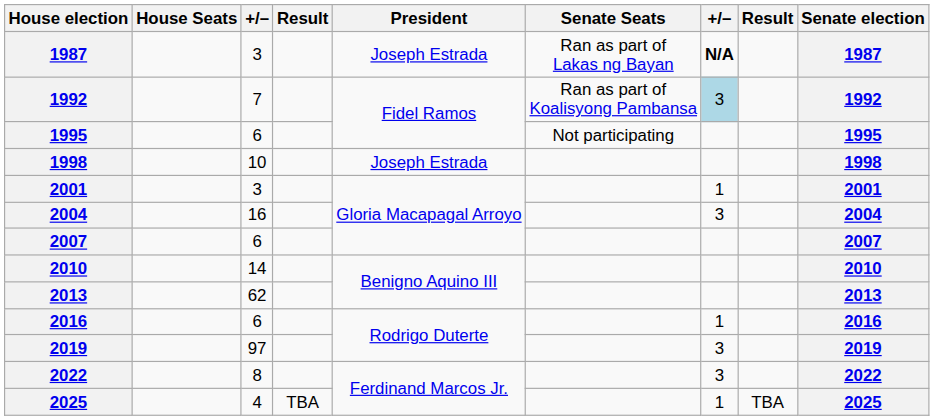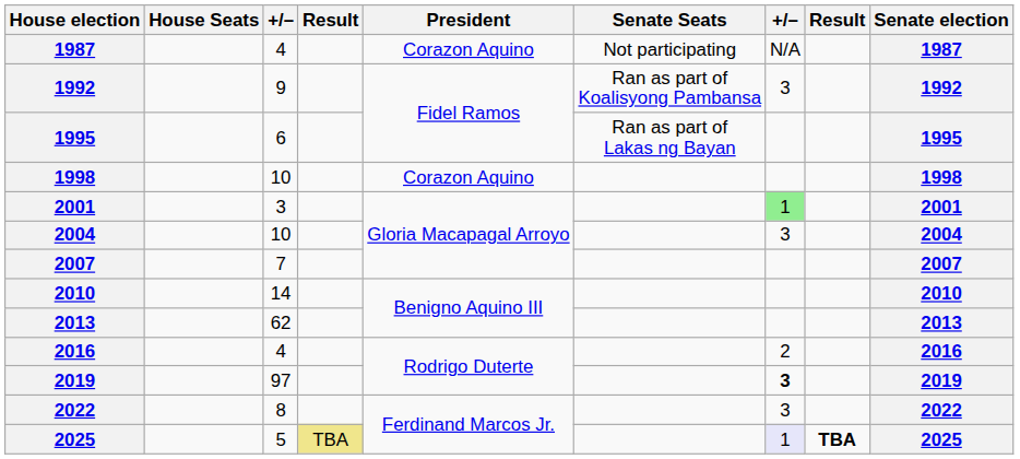 <table class="wikitable  sortable" style="text-align:center; font-size:90%">
 <tr>
 <th>House election</th>
 <th>House Seats</th>
 <th>+/–</th>
 <th>Result</th>
 <th>President</th>
 <th>Senate Seats</th>
 <th>+/–</th>
 <th>Result</th>
 <th>Senate election</th>
 </tr>
 <tr>
 <th><a href='#'>1987</a></th>
 <td></td>
-<td> 3</td>
+<td> 4</td>
 <td></td>
-<td style="background:"><a href='#'><span>Joseph Estrada</span></a></td>
-<td>Ran as part of<br><a href='#'>Lakas ng Bayan</a></td>
-<td><strong>N/A</strong></td>
+<td style="background:"><a href='#'>Corazon Aquino</a></td>
+<td>Not participating</td>
+<td>N/A</td>
 <td></td>
 <th><a href='#'>1987</a></th>
 </tr>
 <tr>
 <th><a href='#'>1992</a></th>
 <td></td>
-<td> 7</td>
+<td> 9</td>
 <td></td>
 <td rowspan="2" style="background:"><a href='#'>Fidel Ramos</a></td>
 <td>Ran as part of<br><a href='#'>Koalisyong Pambansa</a></td>
-<td style="background: lightblue;"> 3</td>
+<td> 3</td>
 <td></td>
 <th><a href='#'>1992</a></th>
 </tr>
 <tr>
 <th><a href='#'>1995</a></th>
 <td></td>
 <td> 6</td>
 <td></td>
-<td>Not participating</td>
+<td>Ran as part of<br><a href='#'>Lakas ng Bayan</a></td>
 <td></td>
 <td></td>
 <th><a href='#'>1995</a></th>
 </tr>
 <tr>
 <th><a href='#'>1998</a></th>
 <td></td>
 <td> 10</td>
 <td></td>
-<td style="background:"><a href='#'><span>Joseph Estrada</span></a></td>
+<td style="background:"><a href='#'>Corazon Aquino</a></td>
 <td></td>
 <td></td>
 <td></td>
 <th><a href='#'>1998</a></th>
 </tr>
 <tr>
 <th><a href='#'>2001</a></th>
 <td></td>
 <td> 3</td>
 <td></td>
 <td rowspan="3" style="background:"><a href='#'>Gloria Macapagal Arroyo</a></td>
 <td></td>
-<td> 1</td>
+<td style="background: lightgreen;"> 1</td>
 <td></td>
 <th><a href='#'>2001</a></th>
 </tr>
 <tr>
 <th><a href='#'>2004</a></th>
 <td></td>
-<td> 16</td>
+<td> 10</td>
 <td></td>
 <td></td>
 <td> 3</td>
 <td></td>
 <th><a href='#'>2004</a></th>
 </tr>
 <tr>
 <th><a href='#'>2007</a></th>
 <td></td>
-<td> 6</td>
+<td> 7</td>
 <td></td>
 <td></td>
 <td></td>
 <td></td>
 <th><a href='#'>2007</a></th>
 </tr>
 <tr>
 <th><a href='#'>2010</a></th>
 <td></td>
 <td>14</td>
 <td></td>
 <td rowspan="2" style="background:"><a href='#'>Benigno Aquino III</a></td>
 <td></td>
 <td></td>
 <td></td>
 <th><a href='#'>2010</a></th>
 </tr>
 <tr>
 <th><a href='#'>2013</a></th>
 <td></td>
 <td>62</td>
 <td></td>
 <td></td>
 <td></td>
 <td></td>
 <th><a href='#'>2013</a></th>
 </tr>
 <tr>
 <th><a href='#'>2016</a></th>
 <td></td>
-<td> 6</td>
+<td> 4</td>
 <td></td>
 <td rowspan="2" style="background:"><a href='#'>Rodrigo Duterte</a></td>
 <td></td>
-<td> 1</td>
+<td> 2</td>
 <td></td>
 <th><a href='#'>2016</a></th>
 </tr>
 <tr>
 <th><a href='#'>2019</a></th>
 <td></td>
 <td> 97</td>
 <td></td>
 <td></td>
-<td> 3</td>
+<td><strong> 3</strong></td>
 <td></td>
 <th><a href='#'>2019</a></th>
 </tr>
 <tr>
 <th><a href='#'>2022</a></th>
 <td></td>
 <td> 8</td>
 <td></td>
 <td rowspan="2" style="background:"><a href='#'><span>Ferdinand Marcos Jr.</span></a></td>
 <td></td>
 <td> 3</td>
 <td></td>
 <th><a href='#'>2022</a></th>
 </tr>
 <tr>
 <th><a href='#'>2025</a></th>
 <td></td>
-<td> 4</td>
-<td>TBA</td>
+<td> 5</td>
+<td style="background: khaki;">TBA</td>
 <td></td>
-<td> 1</td>
-<td>TBA</td>
+<td style="background: lavender;"> 1</td>
+<td><strong>TBA</strong></td>
 <th><a href='#'>2025</a></th>
 </tr>
 </table>
